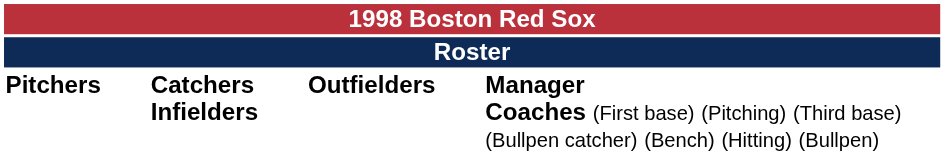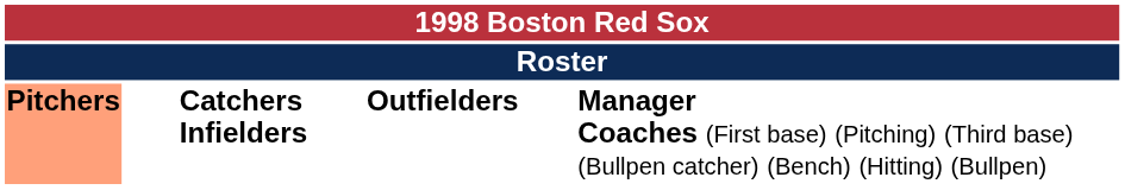 <table class="toccolours" style="text-align:left;">
 <tr>
 <th colspan="10" style="background-color:#ba313c; color:#FFFFFF; text-align:center;">1998 Boston Red Sox</th>
 </tr>
 <tr>
 <td colspan="10" style="background-color:#0d2b56; color:white; text-align:center;"><strong>Roster</strong></td>
 </tr>
 <tr>
-<td valign="top"><strong>Pitchers</strong><br>                      </td>
+<td valign="top" style="background: lightsalmon;"><strong>Pitchers</strong><br>                      </td>
 <td width="25px"></td>
 <td valign="top"><strong>Catchers</strong><br>    <strong>Infielders</strong>           </td>
 <td width="25px"></td>
 <td valign="top"><strong>Outfielders</strong><br>        </td>
 <td width="25px"></td>
 <td valign="top"><strong>Manager</strong><br>  <strong>Coaches</strong>  <small>(First base)</small>   <small>(Pitching)</small>  <small>(Third base)</small>   <small>(Bullpen catcher)</small>  <small>(Bench)</small>  <small>(Hitting)</small>  <small>(Bullpen)</small></td>
 </tr>
 <tr>
 </tr>
 </table>
